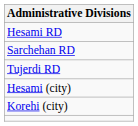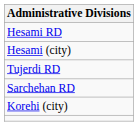 <table class="wikitable">
 <tr>
 <th>Administrative Divisions</th>
 </tr>
 <tr>
 <td><a href='#'>Hesami RD</a></td>
 </tr>
 <tr>
-<td><a href='#'>Sarchehan RD</a></td>
+<td><a href='#'>Hesami</a> (city)</td>
 </tr>
 <tr>
 <td><a href='#'>Tujerdi RD</a></td>
 </tr>
 <tr>
-<td><a href='#'>Hesami</a> (city)</td>
+<td><a href='#'>Sarchehan RD</a></td>
 </tr>
 <tr>
 <td><a href='#'>Korehi</a> (city)</td>
 </tr>
 <tr>
 <td colspan=1></td>
 </tr>
 </table>
